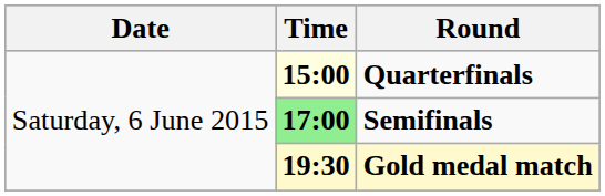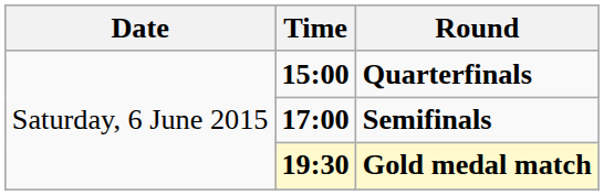 <table class="wikitable">
 <tr>
 <th>Date</th>
 <th>Time</th>
 <th>Round</th>
 </tr>
 <tr>
 <td rowspan="5">Saturday, 6 June 2015</td>
-<td style="background: lightyellow;"><strong>15:00</strong></td>
+<td><strong>15:00</strong></td>
 <td><strong>Quarterfinals</strong></td>
 </tr>
 <tr>
-<td style="background: lightgreen;"><strong>17:00</strong></td>
+<td><strong>17:00</strong></td>
 <td><strong>Semifinals</strong></td>
 </tr>
 <tr style="background:lemonchiffon;">
 <td><strong>19:30</strong></td>
 <td><strong>Gold medal match</strong></td>
 </tr>
 </table>
